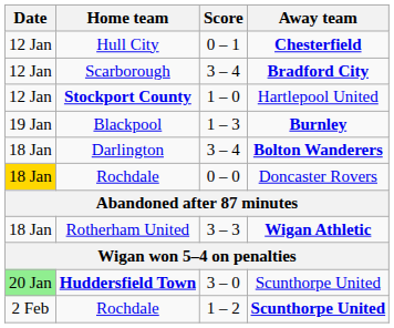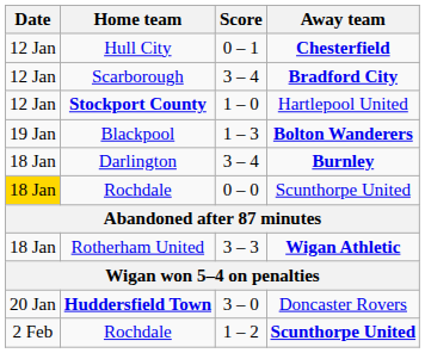 <table class="wikitable" style="text-align: center">
 <tr>
 <th>Date</th>
 <th>Home team</th>
 <th>Score</th>
 <th>Away team</th>
 </tr>
 <tr>
 <td>12 Jan</td>
 <td><a href='#'>Hull City</a></td>
 <td>0 – 1</td>
 <td><strong><a href='#'>Chesterfield</a></strong></td>
 </tr>
 <tr>
 <td>12 Jan</td>
 <td><a href='#'>Scarborough</a></td>
 <td>3 – 4</td>
 <td><strong><a href='#'>Bradford City</a></strong></td>
 </tr>
 <tr>
 <td>12 Jan</td>
 <td><strong><a href='#'>Stockport County</a></strong></td>
 <td>1 – 0</td>
 <td><a href='#'>Hartlepool United</a></td>
 </tr>
 <tr>
 <td>19 Jan</td>
 <td><a href='#'>Blackpool</a></td>
 <td>1 – 3</td>
-<td><strong><a href='#'>Burnley</a></strong></td>
+<td><strong><a href='#'>Bolton Wanderers</a></strong></td>
 </tr>
 <tr>
 <td>18 Jan</td>
 <td><a href='#'>Darlington</a></td>
 <td>3 – 4</td>
-<td><strong><a href='#'>Bolton Wanderers</a></strong></td>
+<td><strong><a href='#'>Burnley</a></strong></td>
 </tr>
 <tr>
 <td style="background: gold;">18 Jan</td>
 <td><a href='#'>Rochdale</a></td>
 <td>0 – 0</td>
-<td><a href='#'>Doncaster Rovers</a></td>
+<td><a href='#'>Scunthorpe United</a></td>
 </tr>
 <tr>
 <th colspan="5">Abandoned after 87 minutes</th>
 </tr>
 <tr>
 <td>18 Jan</td>
 <td><a href='#'>Rotherham United</a></td>
 <td>3 – 3</td>
 <td><strong><a href='#'>Wigan Athletic</a></strong></td>
 </tr>
 <tr>
 <th colspan="5">Wigan won 5–4 on penalties</th>
 </tr>
 <tr>
-<td style="background: lightgreen;">20 Jan</td>
+<td>20 Jan</td>
 <td><strong><a href='#'>Huddersfield Town</a></strong></td>
 <td>3 – 0</td>
-<td><a href='#'>Scunthorpe United</a></td>
+<td><a href='#'>Doncaster Rovers</a></td>
 </tr>
 <tr>
 <td>2 Feb</td>
 <td><a href='#'>Rochdale</a></td>
 <td>1 – 2</td>
 <td><strong><a href='#'>Scunthorpe United</a></strong></td>
 </tr>
 </table>
